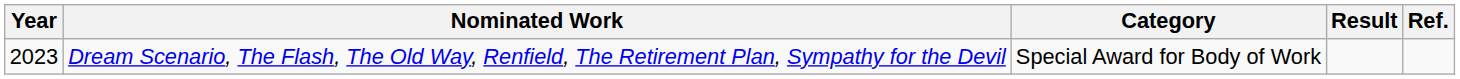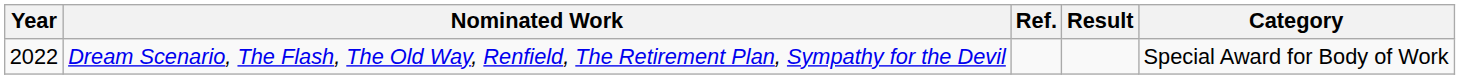 <table class="wikitable">
 <tr>
 <th>Year</th>
 <th>Nominated Work</th>
+<th>Ref.</th>
+<th>Result</th>
 <th>Category</th>
-<th>Result</th>
-<th>Ref.</th>
 </tr>
 <tr>
-<td>2023</td>
+<td>2022</td>
 <td><em><a href='#'>Dream Scenario</a>, <a href='#'>The Flash</a>, <a href='#'>The Old Way</a>, <a href='#'>Renfield</a>, <a href='#'>The Retirement Plan</a>, <a href='#'>Sympathy for the Devil</a></em></td>
-<td>Special Award for Body of Work</td>
 <td></td>
 <td></td>
+<td>Special Award for Body of Work</td>
 </tr>
 </table>
